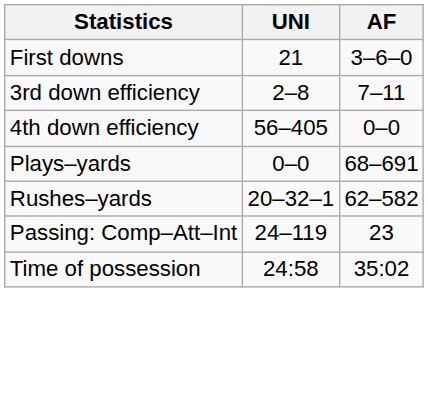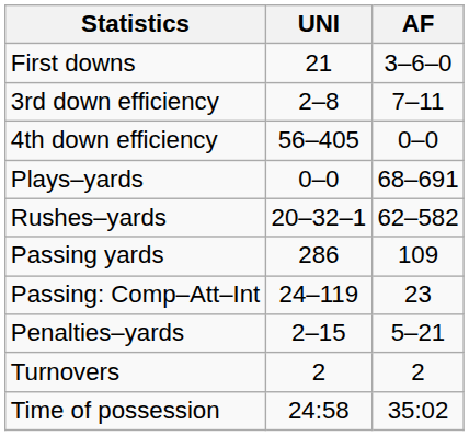 <table class="wikitable">
 <tr>
 <th>Statistics</th>
 <th>UNI</th>
 <th>AF</th>
 </tr>
 <tr>
 <td>First downs</td>
 <td align=center>21</td>
 <td align=center>3–6–0</td>
 </tr>
 <tr>
 <td>3rd down efficiency</td>
 <td align=center>2–8</td>
 <td align=center>7–11</td>
 </tr>
 <tr>
 <td>4th down efficiency</td>
 <td align=center>56–405</td>
 <td align=center>0–0</td>
 </tr>
 <tr>
 <td>Plays–yards</td>
 <td align=center>0–0</td>
 <td align=center>68–691</td>
 </tr>
 <tr>
 <td>Rushes–yards</td>
 <td align=center>20–32–1</td>
 <td align=center>62–582</td>
 </tr>
 <tr>
+<td>Passing yards</td>
+<td align=center>286</td>
+<td align=center>109</td>
+</tr>
+<tr>
 <td>Passing: Comp–Att–Int</td>
 <td align=center>24–119</td>
 <td align=center>23</td>
+</tr>
+<tr>
+<td>Penalties–yards</td>
+<td align=center>2–15</td>
+<td align=center>5–21</td>
+</tr>
+<tr>
+<td>Turnovers</td>
+<td align=center>2</td>
+<td align=center>2</td>
 </tr>
 <tr>
 <td>Time of possession</td>
 <td align=center>24:58</td>
 <td align=center>35:02</td>
 </tr>
 </table>
